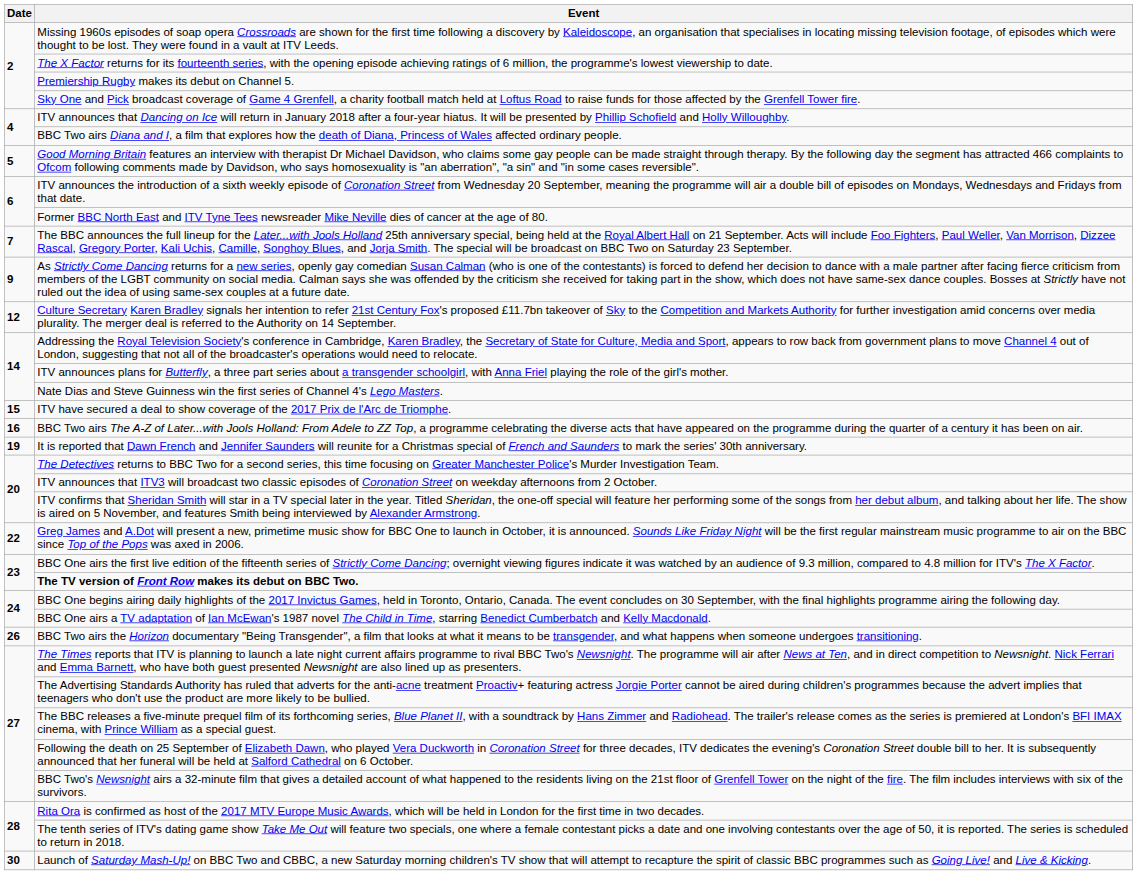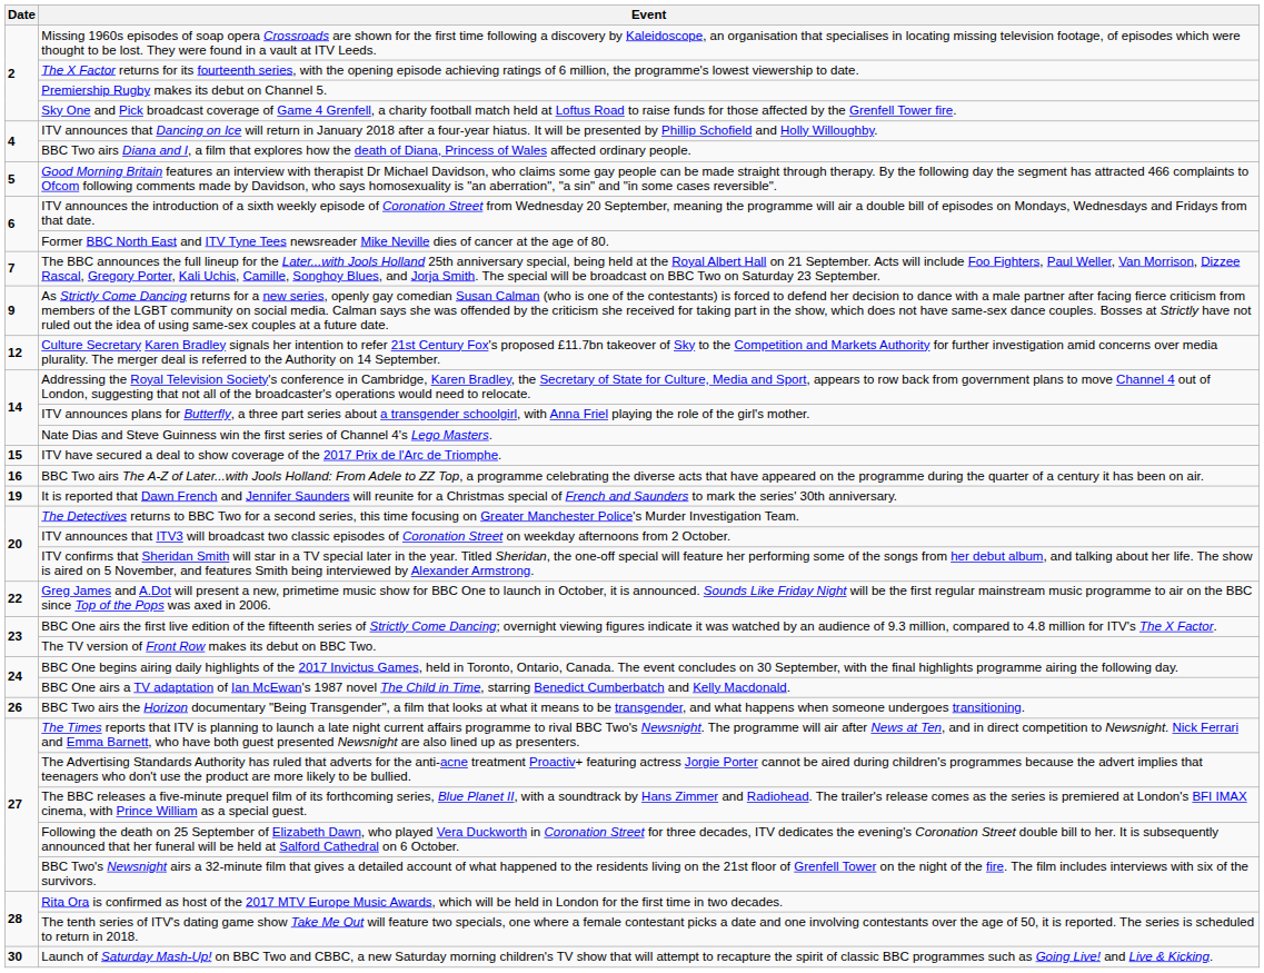 <table class="wikitable">
 <tr>
 <th>Date</th>
 <th>Event</th>
 </tr>
 <tr>
 <td rowspan=4><strong>2</strong></td>
 <td>Missing 1960s episodes of soap opera <em><a href='#'>Crossroads</a></em> are shown for the first time following a discovery by <a href='#'>Kaleidoscope</a>, an organisation that specialises in locating missing television footage, of episodes which were thought to be lost. They were found in a vault at ITV Leeds.</td>
 </tr>
 <tr>
 <td><em><a href='#'>The X Factor</a></em> returns for its <a href='#'>fourteenth series</a>, with the opening episode achieving ratings of 6 million, the programme's lowest viewership to date.</td>
 </tr>
 <tr>
 <td><a href='#'>Premiership Rugby</a> makes its debut on Channel 5.</td>
 </tr>
 <tr>
 <td><a href='#'>Sky One</a> and <a href='#'>Pick</a> broadcast coverage of <a href='#'>Game 4 Grenfell</a>, a charity football match held at <a href='#'>Loftus Road</a> to raise funds for those affected by the <a href='#'>Grenfell Tower fire</a>.</td>
 </tr>
 <tr>
 <td rowspan=2><strong>4</strong></td>
 <td>ITV announces that <em><a href='#'>Dancing on Ice</a></em> will return in January 2018 after a four-year hiatus. It will be presented by <a href='#'>Phillip Schofield</a> and <a href='#'>Holly Willoughby</a>.</td>
 </tr>
 <tr>
 <td>BBC Two airs <em><a href='#'>Diana and I</a></em>, a film that explores how the <a href='#'>death of Diana, Princess of Wales</a> affected ordinary people.</td>
 </tr>
 <tr>
 <td><strong>5</strong></td>
 <td><em><a href='#'>Good Morning Britain</a></em> features an interview with therapist Dr Michael Davidson, who claims some gay people can be made straight through therapy. By the following day the segment has attracted 466 complaints to <a href='#'>Ofcom</a> following comments made by Davidson, who says homosexuality is "an aberration", "a sin" and "in some cases reversible".</td>
 </tr>
 <tr>
 <td rowspan=2><strong>6</strong></td>
 <td>ITV announces the introduction of a sixth weekly episode of <em><a href='#'>Coronation Street</a></em> from Wednesday 20 September, meaning the programme will air a double bill of episodes on Mondays, Wednesdays and Fridays from that date.</td>
 </tr>
 <tr>
 <td>Former <a href='#'>BBC North East</a> and <a href='#'>ITV Tyne Tees</a> newsreader <a href='#'>Mike Neville</a> dies of cancer at the age of 80.</td>
 </tr>
 <tr>
 <td><strong>7</strong></td>
 <td>The BBC announces the full lineup for the <em><a href='#'>Later...with Jools Holland</a></em> 25th anniversary special, being held at the <a href='#'>Royal Albert Hall</a> on 21 September. Acts will include <a href='#'>Foo Fighters</a>, <a href='#'>Paul Weller</a>, <a href='#'>Van Morrison</a>, <a href='#'>Dizzee Rascal</a>, <a href='#'>Gregory Porter</a>, <a href='#'>Kali Uchis</a>, <a href='#'>Camille</a>, <a href='#'>Songhoy Blues</a>, and <a href='#'>Jorja Smith</a>. The special will be broadcast on BBC Two on Saturday 23 September.</td>
 </tr>
 <tr>
 <td><strong>9</strong></td>
 <td>As <em><a href='#'>Strictly Come Dancing</a></em> returns for a <a href='#'>new series</a>, openly gay comedian <a href='#'>Susan Calman</a> (who is one of the contestants) is forced to defend her decision to dance with a male partner after facing fierce criticism from members of the LGBT community on social media. Calman says she was offended by the criticism she received for taking part in the show, which does not have same-sex dance couples. Bosses at <em>Strictly</em> have not ruled out the idea of using same-sex couples at a future date.</td>
 </tr>
 <tr>
 <td><strong>12</strong></td>
 <td><a href='#'>Culture Secretary</a> <a href='#'>Karen Bradley</a> signals her intention to refer <a href='#'>21st Century Fox</a>'s proposed £11.7bn takeover of <a href='#'>Sky</a> to the <a href='#'>Competition and Markets Authority</a> for further investigation amid concerns over media plurality. The merger deal is referred to the Authority on 14 September.</td>
 </tr>
 <tr>
 <td rowspan=3><strong>14</strong></td>
 <td>Addressing the <a href='#'>Royal Television Society</a>'s conference in Cambridge, <a href='#'>Karen Bradley</a>, the <a href='#'>Secretary of State for Culture, Media and Sport</a>, appears to row back from government plans to move <a href='#'>Channel 4</a> out of London, suggesting that not all of the broadcaster's operations would need to relocate.</td>
 </tr>
 <tr>
 <td>ITV announces plans for <em><a href='#'>Butterfly</a></em>, a three part series about <a href='#'>a transgender schoolgirl</a>, with <a href='#'>Anna Friel</a> playing the role of the girl's mother.</td>
 </tr>
 <tr>
 <td>Nate Dias and Steve Guinness win the first series of Channel 4's <em><a href='#'>Lego Masters</a></em>.</td>
 </tr>
 <tr>
 <td><strong>15</strong></td>
 <td>ITV have secured a deal to show coverage of the <a href='#'>2017 Prix de l'Arc de Triomphe</a>.</td>
 </tr>
 <tr>
 <td><strong>16</strong></td>
 <td>BBC Two airs <em>The A-Z of Later...with Jools Holland: From Adele to ZZ Top</em>, a programme celebrating the diverse acts that have appeared on the programme during the quarter of a century it has been on air.</td>
 </tr>
 <tr>
 <td><strong>19</strong></td>
 <td>It is reported that <a href='#'>Dawn French</a> and <a href='#'>Jennifer Saunders</a> will reunite for a Christmas special of <em><a href='#'>French and Saunders</a></em> to mark the series' 30th anniversary.</td>
 </tr>
 <tr>
 <td rowspan=3><strong>20</strong></td>
 <td><em><a href='#'>The Detectives</a></em> returns to BBC Two for a second series, this time focusing on <a href='#'>Greater Manchester Police</a>'s Murder Investigation Team.</td>
 </tr>
 <tr>
 <td>ITV announces that <a href='#'>ITV3</a> will broadcast two classic episodes of <em><a href='#'>Coronation Street</a></em> on weekday afternoons from 2 October.</td>
 </tr>
 <tr>
 <td>ITV confirms that <a href='#'>Sheridan Smith</a> will star in a TV special later in the year. Titled <em>Sheridan</em>, the one-off special will feature her performing some of the songs from <a href='#'>her debut album</a>, and talking about her life. The show is aired on 5 November, and features Smith being interviewed by <a href='#'>Alexander Armstrong</a>.</td>
 </tr>
 <tr>
 <td><strong>22</strong></td>
 <td><a href='#'>Greg James</a> and <a href='#'>A.Dot</a> will present a new, primetime music show for BBC One to launch in October, it is announced. <em><a href='#'>Sounds Like Friday Night</a></em> will be the first regular mainstream music programme to air on the BBC since <em><a href='#'>Top of the Pops</a></em> was axed in 2006.</td>
 </tr>
 <tr>
 <td rowspan=2><strong>23</strong></td>
 <td>BBC One airs the first live edition of the fifteenth series of <em><a href='#'>Strictly Come Dancing</a></em>; overnight viewing figures indicate it was watched by an audience of 9.3 million, compared to 4.8 million for ITV's <em><a href='#'>The X Factor</a></em>.</td>
 </tr>
 <tr>
-<td><strong>The TV version of <em><a href='#'>Front Row</a></em> makes its debut on BBC Two.</strong></td>
+<td>The TV version of <em><a href='#'>Front Row</a></em> makes its debut on BBC Two.</td>
 </tr>
 <tr>
 <td rowspan=2><strong>24</strong></td>
 <td>BBC One begins airing daily highlights of the <a href='#'>2017 Invictus Games</a>, held in Toronto, Ontario, Canada. The event concludes on 30 September, with the final highlights programme airing the following day.</td>
 </tr>
 <tr>
 <td>BBC One airs a <a href='#'>TV adaptation</a> of <a href='#'>Ian McEwan</a>'s 1987 novel <em><a href='#'>The Child in Time</a></em>, starring <a href='#'>Benedict Cumberbatch</a> and <a href='#'>Kelly Macdonald</a>.</td>
 </tr>
 <tr>
 <td><strong>26</strong></td>
 <td>BBC Two airs the <em><a href='#'>Horizon</a></em> documentary "Being Transgender", a film that looks at what it means to be <a href='#'>transgender</a>, and what happens when someone undergoes <a href='#'>transitioning</a>.</td>
 </tr>
 <tr>
 <td rowspan=5><strong>27</strong></td>
 <td><em><a href='#'>The Times</a></em> reports that ITV is planning to launch a late night current affairs programme to rival BBC Two's <em><a href='#'>Newsnight</a></em>. The programme will air after <em><a href='#'>News at Ten</a></em>, and in direct competition to <em>Newsnight</em>. <a href='#'>Nick Ferrari</a> and <a href='#'>Emma Barnett</a>, who have both guest presented <em>Newsnight</em> are also lined up as presenters.</td>
 </tr>
 <tr>
 <td>The Advertising Standards Authority has ruled that adverts for the anti-<a href='#'>acne</a> treatment <a href='#'>Proactiv</a>+ featuring actress <a href='#'>Jorgie Porter</a> cannot be aired during children's programmes because the advert implies that teenagers who don't use the product are more likely to be bullied.</td>
 </tr>
 <tr>
 <td>The BBC releases a five-minute prequel film of its forthcoming series, <em><a href='#'>Blue Planet II</a></em>, with a soundtrack by <a href='#'>Hans Zimmer</a> and <a href='#'>Radiohead</a>. The trailer's release comes as the series is premiered at London's <a href='#'>BFI IMAX</a> cinema, with <a href='#'>Prince William</a> as a special guest.</td>
 </tr>
 <tr>
 <td>Following the death on 25 September of <a href='#'>Elizabeth Dawn</a>, who played <a href='#'>Vera Duckworth</a> in <em><a href='#'>Coronation Street</a></em> for three decades, ITV dedicates the evening's <em>Coronation Street</em> double bill to her. It is subsequently announced that her funeral will be held at <a href='#'>Salford Cathedral</a> on 6 October.</td>
 </tr>
 <tr>
 <td>BBC Two's <em><a href='#'>Newsnight</a></em> airs a 32-minute film that gives a detailed account of what happened to the residents living on the 21st floor of <a href='#'>Grenfell Tower</a> on the night of the <a href='#'>fire</a>. The film includes interviews with six of the survivors.</td>
 </tr>
 <tr>
 <td rowspan=2><strong>28</strong></td>
 <td><a href='#'>Rita Ora</a> is confirmed as host of the <a href='#'>2017 MTV Europe Music Awards</a>, which will be held in London for the first time in two decades.</td>
 </tr>
 <tr>
 <td>The tenth series of ITV's dating game show <em><a href='#'>Take Me Out</a></em> will feature two specials, one where a female contestant picks a date and one involving contestants over the age of 50, it is reported. The series is scheduled to return in 2018.</td>
 </tr>
 <tr>
 <td><strong>30</strong></td>
 <td>Launch of <em><a href='#'>Saturday Mash-Up!</a></em> on BBC Two and CBBC, a new Saturday morning children's TV show that will attempt to recapture the spirit of classic BBC programmes such as <em><a href='#'>Going Live!</a></em> and <em><a href='#'>Live & Kicking</a></em>.</td>
 </tr>
 </table>
